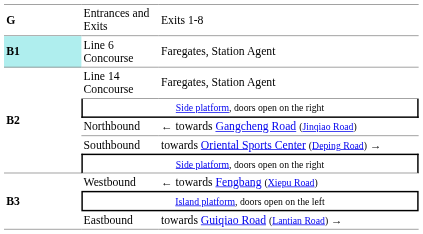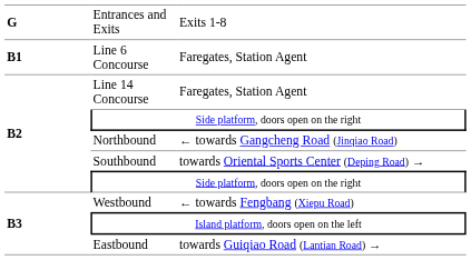 <table cellspacing=0 cellpadding=3>
 <tr>
 <td style="border-top:solid 1px gray;border-bottom:solid 1px gray;" width=100><strong>G</strong></td>
 <td style="border-top:solid 1px gray;border-bottom:solid 1px gray;" width=100>Entrances and Exits</td>
 <td style="border-top:solid 1px gray;border-bottom:solid 1px gray;" width=350>Exits 1-8</td>
 </tr>
 <tr>
-<td style="background: paleturquoise; border-bottom:solid 1px gray;"><strong>B1</strong></td>
+<td style="border-bottom:solid 1px gray;"><strong>B1</strong></td>
 <td style="border-bottom:solid 1px gray;">Line 6 Concourse</td>
 <td style="border-bottom:solid 1px gray;">Faregates, Station Agent</td>
 </tr>
 <tr>
 <td style="border-bottom:solid 1px gray;" rowspan=5><strong>B2</strong></td>
 <td style="border-bottom:solid 1px gray;">Line 14 Concourse</td>
 <td style="border-bottom:solid 1px gray;">Faregates, Station Agent</td>
 </tr>
 <tr>
 <td style="border-right:solid 2px black;border-left:solid 2px black;border-bottom:solid 2px black;text-align:center;" colspan=2><small><a href='#'>Side platform</a>, doors open on the right</small></td>
 </tr>
 <tr>
 <td style="border-bottom:solid 1px gray;">Northbound</td>
 <td style="border-bottom:solid 1px gray;">←  towards <a href='#'>Gangcheng Road</a> <small>(<a href='#'>Jinqiao Road</a>)</small></td>
 </tr>
 <tr>
 <td>Southbound</td>
 <td>  towards <a href='#'>Oriental Sports Center</a> <small>(<a href='#'>Deping Road</a>)</small> →</td>
 </tr>
 <tr>
 <td style="border-top:solid 2px black;border-right:solid 2px black;border-left:solid 2px black;border-bottom:solid 1px gray;text-align:center;" colspan=2><small><a href='#'>Side platform</a>, doors open on the right</small></td>
 </tr>
 <tr>
 <td style="border-bottom:solid 1px gray;" rowspan=3><strong>B3</strong></td>
 <td>Westbound</td>
 <td>←  towards <a href='#'>Fengbang</a> <small>(<a href='#'>Xiepu Road</a>)</small></td>
 </tr>
 <tr>
 <td style="border-right:solid 2px black;border-left:solid 2px black;border-top:solid 2px black;border-bottom:solid 2px black;text-align:center;" colspan=2><small><a href='#'>Island platform</a>, doors open on the left</small></td>
 </tr>
 <tr>
 <td style="border-bottom:solid 1px gray;">Eastbound</td>
 <td style="border-bottom:solid 1px gray;">  towards <a href='#'>Guiqiao Road</a> <small>(<a href='#'>Lantian Road</a>)</small> →</td>
 </tr>
 </table>
